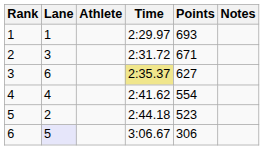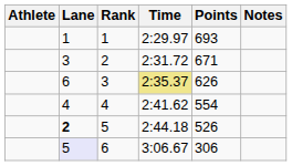 <table class="wikitable">
 <tr>
+<th>Athlete</th>
+<th>Lane</th>
 <th>Rank</th>
-<th>Lane</th>
-<th>Athlete</th>
 <th>Time</th>
 <th>Points</th>
 <th>Notes</th>
 </tr>
 <tr>
+<td align=left></td>
 <td>1</td>
 <td>1</td>
-<td align=left></td>
 <td>2:29.97</td>
 <td>693</td>
 <td></td>
 </tr>
 <tr>
+<td align=left></td>
+<td>3</td>
 <td>2</td>
-<td>3</td>
-<td align=left></td>
 <td>2:31.72</td>
 <td>671</td>
 <td></td>
 </tr>
 <tr>
+<td align=left></td>
+<td>6</td>
 <td>3</td>
-<td>6</td>
-<td align=left></td>
 <td style="background: khaki;">2:35.37</td>
-<td>627</td>
+<td>626</td>
 <td></td>
 </tr>
 <tr>
+<td align=left></td>
 <td>4</td>
 <td>4</td>
-<td align=left></td>
 <td>2:41.62</td>
 <td>554</td>
 <td></td>
 </tr>
 <tr>
+<td align=left></td>
+<td><strong>2</strong></td>
 <td>5</td>
-<td>2</td>
-<td align=left></td>
 <td>2:44.18</td>
-<td>523</td>
+<td>526</td>
 <td></td>
 </tr>
 <tr>
+<td align=left></td>
+<td style="background: lavender;">5</td>
 <td>6</td>
-<td style="background: lavender;">5</td>
-<td align=left></td>
 <td>3:06.67</td>
 <td>306</td>
 <td></td>
 </tr>
 </table>
